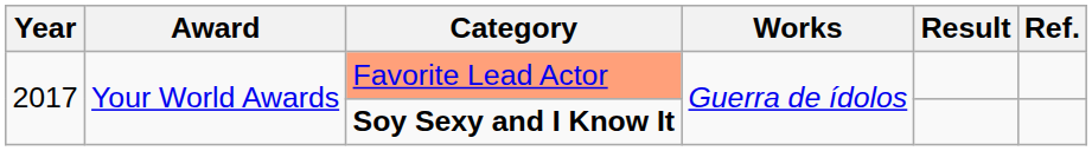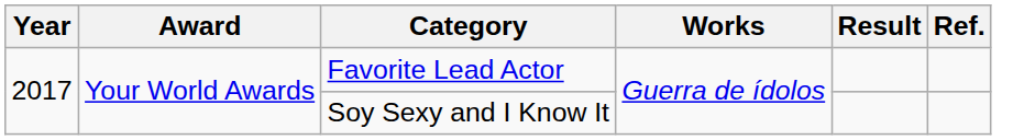 <table class="wikitable plainrowheaders">
 <tr>
 <th scope="col">Year</th>
 <th scope="col">Award</th>
 <th scope="col">Category</th>
 <th scope="col">Works</th>
 <th scope="col">Result</th>
 <th scope="col">Ref.</th>
 </tr>
 <tr>
 <td rowspan="2">2017</td>
 <td rowspan="2"><a href='#'>Your World Awards</a></td>
-<td style="background: lightsalmon;"><a href='#'>Favorite Lead Actor</a></td>
+<td><a href='#'>Favorite Lead Actor</a></td>
 <td rowspan="2"><em><a href='#'>Guerra de ídolos</a></em></td>
 <td></td>
 <td></td>
 </tr>
 <tr>
-<td><strong>Soy Sexy and I Know It</strong></td>
+<td>Soy Sexy and I Know It</td>
 <td></td>
 <td></td>
 </tr>
 </table>
